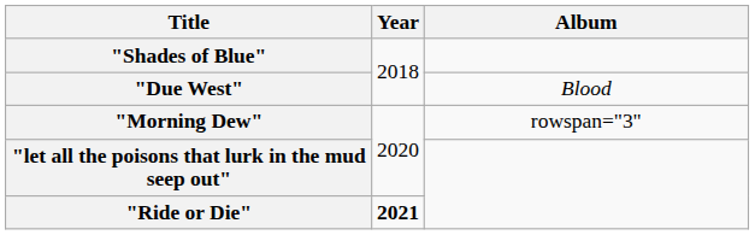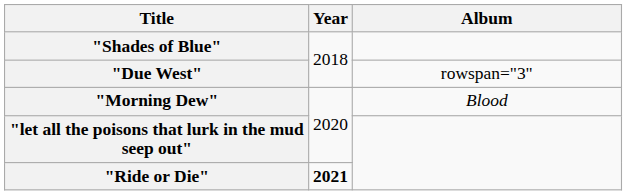 <table class="wikitable plainrowheaders" style="text-align:center">
 <tr>
 <th scope="col" style="width:17em;">Title</th>
 <th scope="col" style="width:1em;">Year</th>
 <th scope="col" style="width:15em;">Album</th>
 </tr>
 <tr>
 <th scope="row">"Shades of Blue"</th>
 <td rowspan="2">2018</td>
 <td></td>
 </tr>
 <tr>
 <th scope="row">"Due West"</th>
-<td rowspan="1"><em>Blood</em></td>
+<td>rowspan="3" </td>
 </tr>
 <tr>
 <th scope="row">"Morning Dew"</th>
 <td rowspan="2">2020</td>
-<td>rowspan="3" </td>
+<td rowspan="1"><em>Blood</em></td>
 </tr>
 <tr>
 <th scope="row">"let all the poisons that lurk in the mud seep out"<br></th>
 </tr>
 <tr>
 <th scope="row">"Ride or Die"<br></th>
 <td rowspan="1"><strong>2021</strong></td>
 </tr>
 </table>
